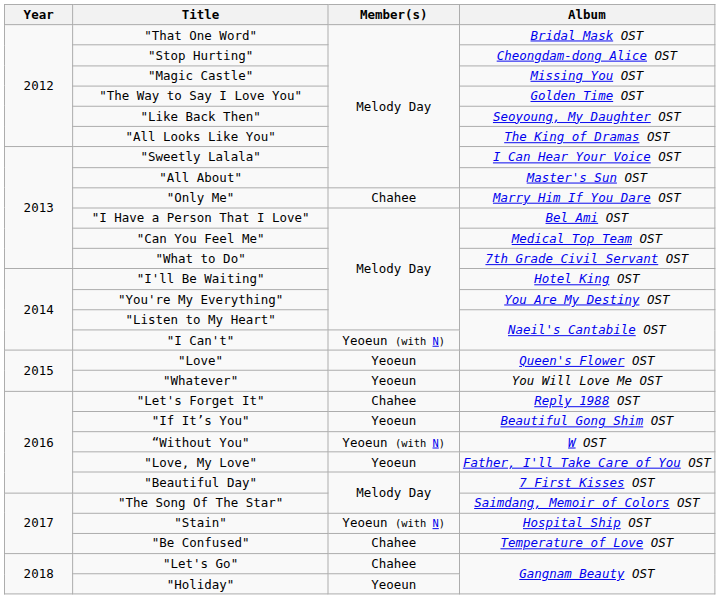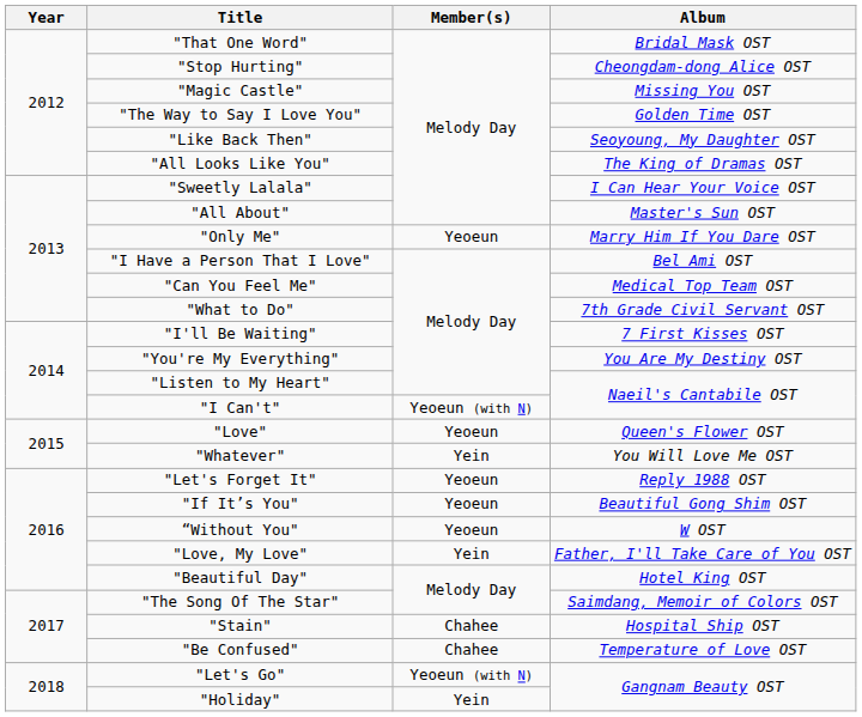 <table class="wikitable plainrowheaders" style="text-align:center;">
 <tr>
 <th scope="col" style="width:5em;">Year</th>
 <th scope="col" style="width:20em;">Title</th>
 <th scope="col" style="width:10em;">Member(s)</th>
 <th scope="col" style="width:20em;">Album</th>
 </tr>
 <tr>
 <td rowspan=6>2012</td>
 <td>"That One Word"</td>
 <td rowspan="8">Melody Day</td>
 <td><em><a href='#'>Bridal Mask</a> OST</em></td>
 </tr>
 <tr>
 <td>"Stop Hurting"</td>
 <td><em><a href='#'>Cheongdam-dong Alice</a> OST</em></td>
 </tr>
 <tr>
 <td>"Magic Castle"</td>
 <td><em><a href='#'>Missing You</a> OST</em></td>
 </tr>
 <tr>
 <td>"The Way to Say I Love You"</td>
 <td><em><a href='#'>Golden Time</a> OST</em></td>
 </tr>
 <tr>
 <td>"Like Back Then"</td>
 <td><em><a href='#'>Seoyoung, My Daughter</a> OST</em></td>
 </tr>
 <tr>
 <td>"All Looks Like You"</td>
 <td><em><a href='#'>The King of Dramas</a> OST</em></td>
 </tr>
 <tr>
 <td rowspan=6>2013</td>
 <td>"Sweetly Lalala"</td>
 <td><em><a href='#'>I Can Hear Your Voice</a> OST</em></td>
 </tr>
 <tr>
 <td>"All About"</td>
 <td><em><a href='#'>Master's Sun</a> OST</em></td>
 </tr>
 <tr>
 <td>"Only Me"</td>
-<td>Chahee</td>
+<td>Yeoeun</td>
 <td><em><a href='#'>Marry Him If You Dare</a> OST</em></td>
 </tr>
 <tr>
 <td>"I Have a Person That I Love"</td>
 <td rowspan="6">Melody Day</td>
 <td><em><a href='#'>Bel Ami</a> OST</em></td>
 </tr>
 <tr>
 <td>"Can You Feel Me"</td>
 <td><em><a href='#'>Medical Top Team</a> OST</em></td>
 </tr>
 <tr>
 <td>"What to Do"</td>
 <td><em><a href='#'>7th Grade Civil Servant</a> OST</em></td>
 </tr>
 <tr>
 <td rowspan=4>2014</td>
 <td>"I'll Be Waiting"</td>
-<td><em><a href='#'>Hotel King</a> OST</em></td>
+<td><em><a href='#'>7 First Kisses</a> OST</em></td>
 </tr>
 <tr>
 <td>"You're My Everything"</td>
 <td><em><a href='#'>You Are My Destiny</a> OST</em></td>
 </tr>
 <tr>
 <td>"Listen to My Heart"</td>
 <td rowspan=2><em><a href='#'>Naeil's Cantabile</a> OST</em></td>
 </tr>
 <tr>
 <td>"I Can't"</td>
 <td>Yeoeun <small>(with <a href='#'>N</a>)</small></td>
 </tr>
 <tr>
 <td rowspan="2">2015</td>
 <td>"Love"</td>
 <td>Yeoeun</td>
 <td><a href='#'><em>Queen's Flower</em></a> <em>OST</em></td>
 </tr>
 <tr>
 <td>"Whatever"</td>
-<td>Yeoeun</td>
+<td>Yein</td>
 <td><em>You Will Love Me OST</em></td>
 </tr>
 <tr>
 <td rowspan="5”">2016</td>
 <td>"Let's Forget It"</td>
-<td>Chahee</td>
+<td>Yeoeun</td>
 <td><em><a href='#'>Reply 1988</a></em> <em>OST</em></td>
 </tr>
 <tr>
 <td>"If It’s You"</td>
 <td>Yeoeun</td>
 <td><em><a href='#'>Beautiful Gong Shim</a> OST</em></td>
 </tr>
 <tr>
 <td>“Without You"</td>
-<td>Yeoeun <small>(with <a href='#'>N</a>)</small></td>
+<td>Yeoeun</td>
 <td><em><a href='#'>W</a> OST</em></td>
 </tr>
 <tr>
 <td>"Love, My Love"</td>
-<td>Yeoeun</td>
+<td>Yein</td>
 <td><em><a href='#'>Father, I'll Take Care of You</a></em> <em>OST</em></td>
 </tr>
 <tr>
 <td>"Beautiful Day"</td>
 <td rowspan="2">Melody Day</td>
-<td><em><a href='#'>7 First Kisses</a> OST</em></td>
+<td><em><a href='#'>Hotel King</a> OST</em></td>
 </tr>
 <tr>
 <td rowspan="3">2017</td>
 <td>"The Song Of The Star"</td>
 <td><em><a href='#'>Saimdang, Memoir of Colors</a> OST</em></td>
 </tr>
 <tr>
 <td>"Stain"</td>
-<td>Yeoeun <small>(with <a href='#'>N</a>)</small></td>
+<td>Chahee</td>
 <td><em><a href='#'>Hospital Ship</a></em> <em>OST</em></td>
 </tr>
 <tr>
 <td>"Be Confused"</td>
 <td>Chahee</td>
 <td><em><a href='#'>Temperature of Love</a></em> <em>OST</em></td>
 </tr>
 <tr>
 <td rowspan="2">2018</td>
 <td>"Let's Go"</td>
-<td>Chahee</td>
+<td>Yeoeun <small>(with <a href='#'>N</a>)</small></td>
 <td rowspan="2"><em><a href='#'>Gangnam Beauty</a> OST</em></td>
 </tr>
 <tr>
 <td>"Holiday"</td>
-<td>Yeoeun</td>
+<td>Yein</td>
 </tr>
 </table>
